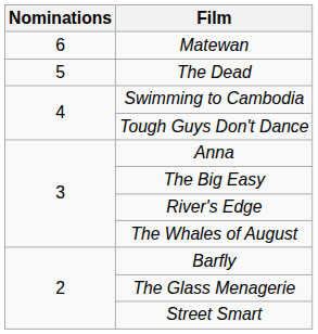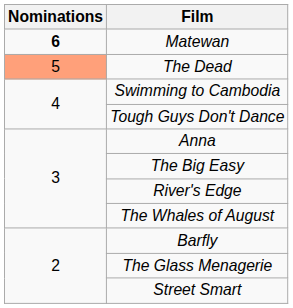 <table class="wikitable" rowspan=2 border=2 style="text-align:center;">
 <tr>
 <th>Nominations</th>
 <th>Film</th>
 </tr>
 <tr>
-<td>6</td>
+<td><strong>6</strong></td>
 <td><em>Matewan</em></td>
 </tr>
 <tr>
-<td>5</td>
+<td style="background: lightsalmon;">5</td>
 <td><em>The Dead</em></td>
 </tr>
 <tr>
 <td rowspan="2">4</td>
 <td><em>Swimming to Cambodia</em></td>
 </tr>
 <tr>
 <td><em>Tough Guys Don't Dance</em></td>
 </tr>
 <tr>
 <td rowspan="4">3</td>
 <td><em>Anna</em></td>
 </tr>
 <tr>
 <td><em>The Big Easy</em></td>
 </tr>
 <tr>
 <td><em>River's Edge</em></td>
 </tr>
 <tr>
 <td><em>The Whales of August</em></td>
 </tr>
 <tr>
 <td rowspan="3">2</td>
 <td><em>Barfly</em></td>
 </tr>
 <tr>
 <td><em>The Glass Menagerie</em></td>
 </tr>
 <tr>
 <td><em>Street Smart</em></td>
 </tr>
 </table>
